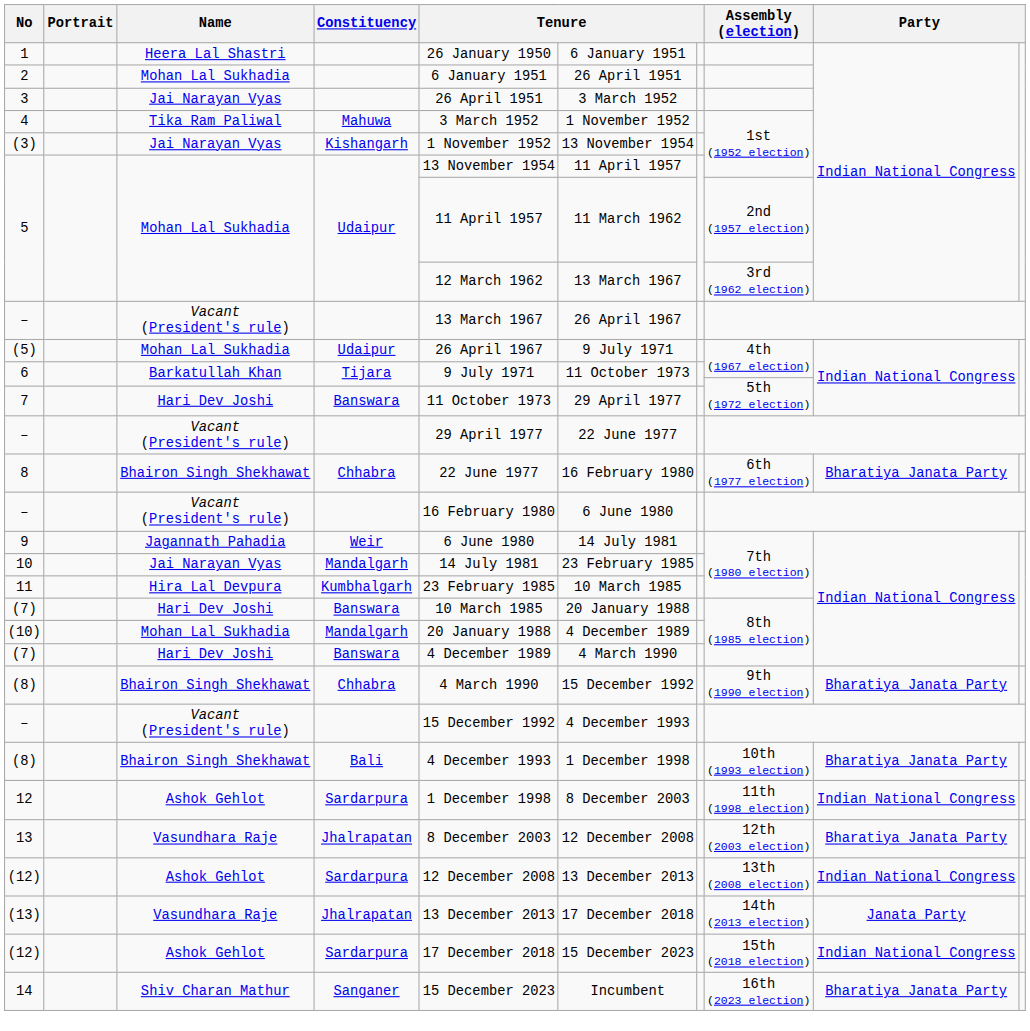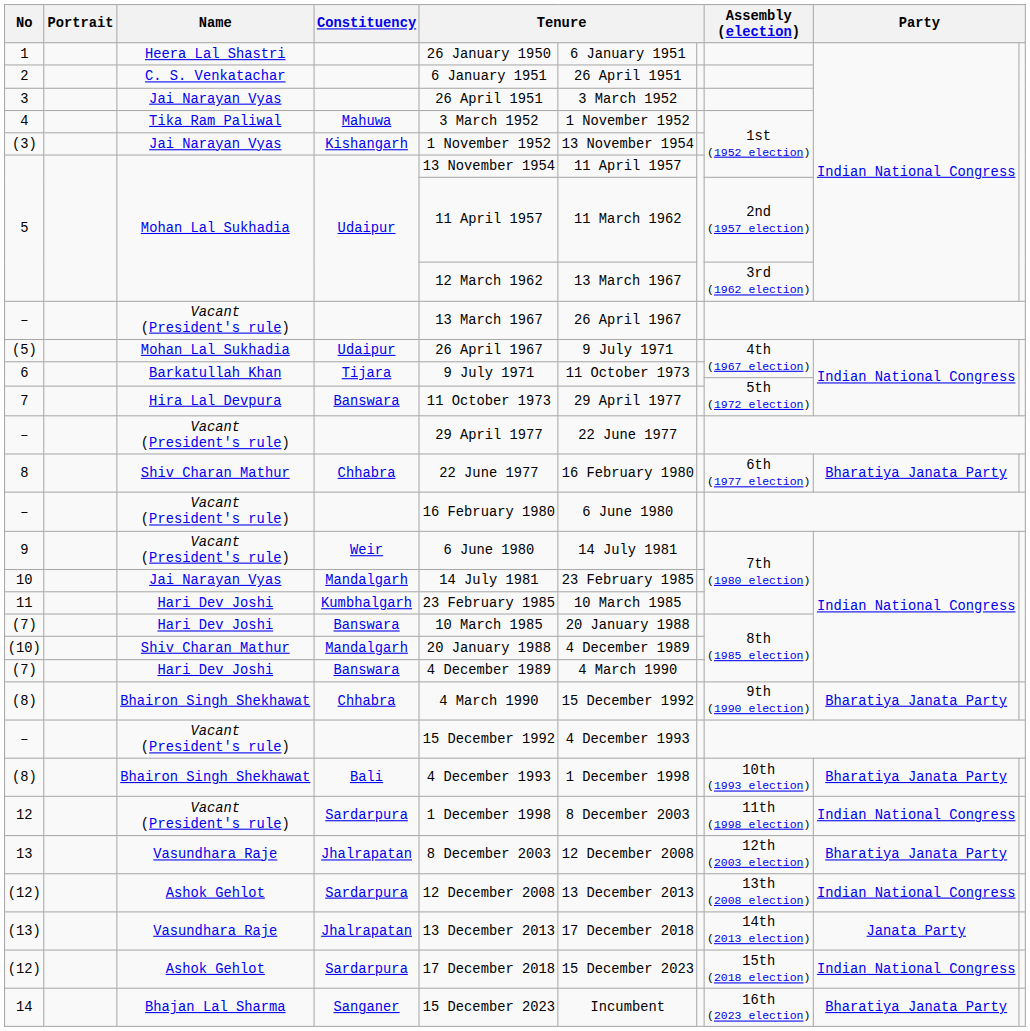 <table class="wikitable" style="text-align:center">
 <tr>
 <th>No</th>
 <th>Portrait</th>
 <th>Name</th>
 <th><a href='#'>Constituency</a></th>
 <th colspan="3">Tenure</th>
 <th>Assembly<br>(<a href='#'>election</a>)</th>
 <th colspan="2">Party</th>
 </tr>
 <tr>
 <td>1</td>
 <td></td>
 <td><a href='#'>Heera Lal Shastri</a></td>
 <td></td>
 <td>26 January 1950</td>
 <td>6 January 1951</td>
 <td></td>
 <td></td>
 <td rowspan="8"><a href='#'>Indian National Congress</a></td>
 <td rowspan="8" style="background-color: "></td>
 </tr>
 <tr>
 <td>2</td>
 <td></td>
-<td><a href='#'>Mohan Lal Sukhadia</a></td>
+<td><a href='#'>C. S. Venkatachar</a></td>
 <td></td>
 <td>6 January 1951</td>
 <td>26 April 1951</td>
 <td></td>
 <td></td>
 </tr>
 <tr>
 <td>3</td>
 <td></td>
 <td><a href='#'>Jai Narayan Vyas</a></td>
 <td></td>
 <td>26 April 1951</td>
 <td>3 March 1952</td>
 <td></td>
 <td></td>
 </tr>
 <tr>
 <td>4</td>
 <td></td>
 <td><a href='#'>Tika Ram Paliwal</a></td>
 <td><a href='#'>Mahuwa</a></td>
 <td>3 March 1952</td>
 <td>1 November 1952</td>
 <td></td>
 <td rowspan="3">1st<br><small>(<a href='#'>1952 election</a>)</small></td>
 </tr>
 <tr>
 <td>(3)</td>
 <td></td>
 <td><a href='#'>Jai Narayan Vyas</a></td>
 <td><a href='#'>Kishangarh</a></td>
 <td>1 November 1952</td>
 <td>13 November 1954</td>
 <td></td>
 </tr>
 <tr>
 <td rowspan="3">5</td>
 <td rowspan="3"></td>
 <td rowspan="3"><a href='#'>Mohan Lal Sukhadia</a></td>
 <td rowspan="3"><a href='#'>Udaipur</a></td>
 <td>13 November 1954</td>
 <td>11 April 1957</td>
 <td rowspan="3"></td>
 </tr>
 <tr align="center" style="height: 80px;">
 <td>11 April 1957</td>
 <td>11 March 1962</td>
 <td>2nd<br><small>(<a href='#'>1957 election</a>)</small></td>
 </tr>
 <tr>
 <td>12 March 1962</td>
 <td>13 March 1967</td>
 <td>3rd<br><small>(<a href='#'>1962 election</a>)</small></td>
 </tr>
 <tr>
 <td>–</td>
 <td></td>
 <td><em>Vacant</em><br>(<a href='#'>President's rule</a>)</td>
 <td></td>
 <td>13 March 1967</td>
 <td>26 April 1967</td>
 <td></td>
 <td colspan="3"></td>
 </tr>
 <tr>
 <td>(5)</td>
 <td></td>
 <td><a href='#'>Mohan Lal Sukhadia</a></td>
 <td><a href='#'>Udaipur</a></td>
 <td>26 April 1967</td>
 <td>9 July 1971</td>
 <td></td>
 <td rowspan="2">4th<br><small>(<a href='#'>1967 election</a>)</small></td>
 <td rowspan="4"><a href='#'>Indian National Congress</a></td>
 <td rowspan="4" style="background-color: "></td>
 </tr>
 <tr>
 <td rowspan="2">6</td>
 <td rowspan="2"></td>
 <td rowspan="2"><a href='#'>Barkatullah Khan</a></td>
 <td rowspan="2"><a href='#'>Tijara</a></td>
 <td rowspan="2">9 July 1971</td>
 <td rowspan="2">11 October 1973</td>
 <td rowspan="2"></td>
 </tr>
 <tr>
 <td rowspan="2">5th<br><small>(<a href='#'>1972 election</a>)</small></td>
 </tr>
 <tr>
 <td>7</td>
 <td></td>
-<td><a href='#'>Hari Dev Joshi</a></td>
+<td><a href='#'>Hira Lal Devpura</a></td>
 <td><a href='#'>Banswara</a></td>
 <td>11 October 1973</td>
 <td>29 April 1977</td>
 <td></td>
 </tr>
 <tr>
 <td>–</td>
 <td></td>
 <td><em>Vacant</em><br>(<a href='#'>President's rule</a>)</td>
 <td></td>
 <td>29 April 1977</td>
 <td>22 June 1977</td>
 <td></td>
 <td colspan="3"></td>
 </tr>
 <tr>
 <td>8</td>
 <td></td>
-<td><a href='#'>Bhairon Singh Shekhawat</a></td>
+<td><a href='#'>Shiv Charan Mathur</a></td>
 <td><a href='#'>Chhabra</a></td>
 <td>22 June 1977</td>
 <td>16 February 1980</td>
 <td></td>
 <td>6th<br><small>(<a href='#'>1977 election</a>)</small></td>
 <td><a href='#'>Bharatiya Janata Party</a></td>
 <td style="background-color: "></td>
 </tr>
 <tr>
 <td>–</td>
 <td></td>
 <td><em>Vacant</em><br>(<a href='#'>President's rule</a>)</td>
 <td></td>
 <td>16 February 1980</td>
 <td>6 June 1980</td>
 <td></td>
 <td colspan="3"></td>
 </tr>
 <tr>
 <td>9</td>
 <td></td>
-<td><a href='#'>Jagannath Pahadia</a></td>
+<td><em>Vacant</em><br>(<a href='#'>President's rule</a>)</td>
 <td><a href='#'>Weir</a></td>
 <td>6 June 1980</td>
 <td>14 July 1981</td>
 <td></td>
 <td rowspan="3">7th<br><small>(<a href='#'>1980 election</a>)</small></td>
 <td rowspan="6"><a href='#'>Indian National Congress</a></td>
 <td rowspan="6" style="background-color: "></td>
 </tr>
 <tr>
 <td>10</td>
 <td></td>
 <td><a href='#'>Jai Narayan Vyas</a></td>
 <td><a href='#'>Mandalgarh</a></td>
 <td>14 July 1981</td>
 <td>23 February 1985</td>
 <td></td>
 </tr>
 <tr>
 <td>11</td>
 <td></td>
-<td><a href='#'>Hira Lal Devpura</a></td>
+<td><a href='#'>Hari Dev Joshi</a></td>
 <td><a href='#'>Kumbhalgarh</a></td>
 <td>23 February 1985</td>
 <td>10 March 1985</td>
 <td></td>
 </tr>
 <tr>
 <td>(7)</td>
 <td></td>
 <td><a href='#'>Hari Dev Joshi</a></td>
 <td><a href='#'>Banswara</a></td>
 <td>10 March 1985</td>
 <td>20 January 1988</td>
 <td></td>
 <td rowspan="3">8th<br><small>(<a href='#'>1985 election</a>)</small></td>
 </tr>
 <tr>
 <td>(10)</td>
 <td></td>
-<td><a href='#'>Mohan Lal Sukhadia</a></td>
+<td><a href='#'>Shiv Charan Mathur</a></td>
 <td><a href='#'>Mandalgarh</a></td>
 <td>20 January 1988</td>
 <td>4 December 1989</td>
 <td></td>
 </tr>
 <tr>
 <td>(7)</td>
 <td></td>
 <td><a href='#'>Hari Dev Joshi</a></td>
 <td><a href='#'>Banswara</a></td>
 <td>4 December 1989</td>
 <td>4 March 1990</td>
 <td></td>
 </tr>
 <tr>
 <td>(8)</td>
 <td></td>
 <td><a href='#'>Bhairon Singh Shekhawat</a></td>
 <td><a href='#'>Chhabra</a></td>
 <td>4 March 1990</td>
 <td>15 December 1992</td>
 <td></td>
 <td>9th<br><small>(<a href='#'>1990 election</a>)</small></td>
 <td><a href='#'>Bharatiya Janata Party</a></td>
 <td style="background-color: "></td>
 </tr>
 <tr>
 <td>–</td>
 <td></td>
 <td><em>Vacant</em><br>(<a href='#'>President's rule</a>)</td>
 <td></td>
 <td>15 December 1992</td>
 <td>4 December 1993</td>
 <td></td>
 <td colspan="3"></td>
 </tr>
 <tr>
 <td>(8)</td>
 <td></td>
 <td><a href='#'>Bhairon Singh Shekhawat</a></td>
 <td><a href='#'>Bali</a></td>
 <td>4 December 1993</td>
 <td>1 December 1998</td>
 <td></td>
 <td>10th<br><small>(<a href='#'>1993 election</a>)</small></td>
 <td><a href='#'>Bharatiya Janata Party</a></td>
 <td style="background-color: "></td>
 </tr>
 <tr>
 <td>12</td>
 <td></td>
-<td><a href='#'>Ashok Gehlot</a></td>
+<td><em>Vacant</em><br>(<a href='#'>President's rule</a>)</td>
 <td><a href='#'>Sardarpura</a></td>
 <td>1 December 1998</td>
 <td>8 December 2003</td>
 <td></td>
 <td>11th<br><small>(<a href='#'>1998 election</a>)</small></td>
 <td><a href='#'>Indian National Congress</a></td>
 <td style="background-color: "></td>
 </tr>
 <tr>
 <td>13</td>
 <td></td>
 <td><a href='#'>Vasundhara Raje</a></td>
 <td><a href='#'>Jhalrapatan</a></td>
 <td>8 December 2003</td>
 <td>12 December 2008</td>
 <td></td>
 <td>12th<br><small>(<a href='#'>2003 election</a>)</small></td>
 <td><a href='#'>Bharatiya Janata Party</a></td>
 <td style="background-color: "></td>
 </tr>
 <tr>
 <td>(12)</td>
 <td></td>
 <td><a href='#'>Ashok Gehlot</a></td>
 <td><a href='#'>Sardarpura</a></td>
 <td>12 December 2008</td>
 <td>13 December 2013</td>
 <td></td>
 <td>13th<br><small>(<a href='#'>2008 election</a>)</small></td>
 <td><a href='#'>Indian National Congress</a></td>
 <td style="background-color: "></td>
 </tr>
 <tr>
 <td>(13)</td>
 <td></td>
 <td><a href='#'>Vasundhara Raje</a></td>
 <td><a href='#'>Jhalrapatan</a></td>
 <td>13 December 2013</td>
 <td>17 December 2018</td>
 <td></td>
 <td>14th<br><small>(<a href='#'>2013 election</a>)</small></td>
 <td><a href='#'>Janata Party</a></td>
 <td style="background-color: "></td>
 </tr>
 <tr>
 <td>(12)</td>
 <td></td>
 <td><a href='#'>Ashok Gehlot</a></td>
 <td><a href='#'>Sardarpura</a></td>
 <td>17 December 2018</td>
 <td>15 December 2023</td>
 <td></td>
 <td>15th<br><small>(<a href='#'>2018 election</a>)</small></td>
 <td><a href='#'>Indian National Congress</a></td>
 <td style="background-color: "></td>
 </tr>
 <tr>
 <td>14</td>
 <td></td>
-<td><a href='#'>Shiv Charan Mathur</a></td>
+<td><a href='#'>Bhajan Lal Sharma</a></td>
 <td><a href='#'>Sanganer</a></td>
 <td>15 December 2023</td>
 <td>Incumbent</td>
 <td></td>
 <td>16th<br><small>(<a href='#'>2023 election</a>)</small></td>
 <td><a href='#'>Bharatiya Janata Party</a></td>
 <td style="background-color: "></td>
 </tr>
 </table>
